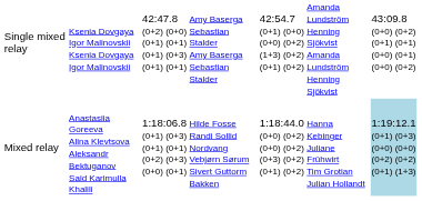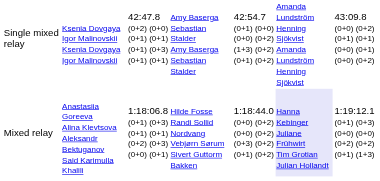 <table>
 <tr>
 <td>Single mixed relay<br><em></em></td>
 <td><br><small><a href='#'>Ksenia Dovgaya</a><br><a href='#'>Igor Malinovskii</a><br><a href='#'>Ksenia Dovgaya</a><br><a href='#'>Igor Malinovskii</a></small></td>
 <td>42:47.8<br><small>(0+2) (0+0)<br>(0+1) (0+1)<br>(0+1) (0+3)<br>(0+1) (0+1)</small></td>
 <td><br><small><a href='#'>Amy Baserga</a><br><a href='#'>Sebastian Stalder</a><br><a href='#'>Amy Baserga</a><br><a href='#'>Sebastian Stalder</a></small></td>
 <td>42:54.7<br><small>(0+1) (0+0)<br>(0+0) (0+2)<br>(1+3) (0+2)<br>(0+1) (0+2)</small></td>
 <td><br><small><a href='#'>Amanda Lundström</a><br><a href='#'>Henning Sjökvist</a><br><a href='#'>Amanda Lundström</a><br><a href='#'>Henning Sjökvist</a></small></td>
 <td>43:09.8<br><small>(0+0) (0+2)<br>(0+1) (0+1)<br>(0+0) (0+1)<br>(0+0) (0+2)</small></td>
 </tr>
 <tr>
 <td>Mixed relay<br><em></em></td>
 <td><br><small><a href='#'>Anastasiia Goreeva</a><br><a href='#'>Alina Klevtsova</a><br><a href='#'>Aleksandr Bektuganov</a><br><a href='#'>Said Karimulla Khalili</a></small></td>
 <td>1:18:06.8<br><small>(0+1) (0+3)<br>(0+1) (0+1)<br>(0+2) (0+3)<br>(0+0) (0+1)</small></td>
 <td><br><small><a href='#'>Hilde Fosse</a><br><a href='#'>Randi Sollid Nordvang</a><br><a href='#'>Vebjørn Sørum</a><br><a href='#'>Sivert Guttorm Bakken</a></small></td>
 <td>1:18:44.0<br><small>(0+0) (0+2)<br>(0+0) (0+2)<br>(0+3) (0+2)<br>(0+1) (0+2)</small></td>
-<td><br><small><a href='#'>Hanna Kebinger</a><br><a href='#'>Juliane Frühwirt</a><br><a href='#'>Tim Grotian</a><br><a href='#'>Julian Hollandt</a></small></td>
-<td style="background: lightblue;">1:19:12.1<br><small>(0+1) (0+3)<br>(0+0) (0+0)<br>(0+2) (0+2)<br>(0+1) (1+3)</small></td>
+<td style="background: lavender;"><br><small><a href='#'>Hanna Kebinger</a><br><a href='#'>Juliane Frühwirt</a><br><a href='#'>Tim Grotian</a><br><a href='#'>Julian Hollandt</a></small></td>
+<td>1:19:12.1<br><small>(0+1) (0+3)<br>(0+0) (0+0)<br>(0+2) (0+2)<br>(0+1) (1+3)</small></td>
 </tr>
 </table>
